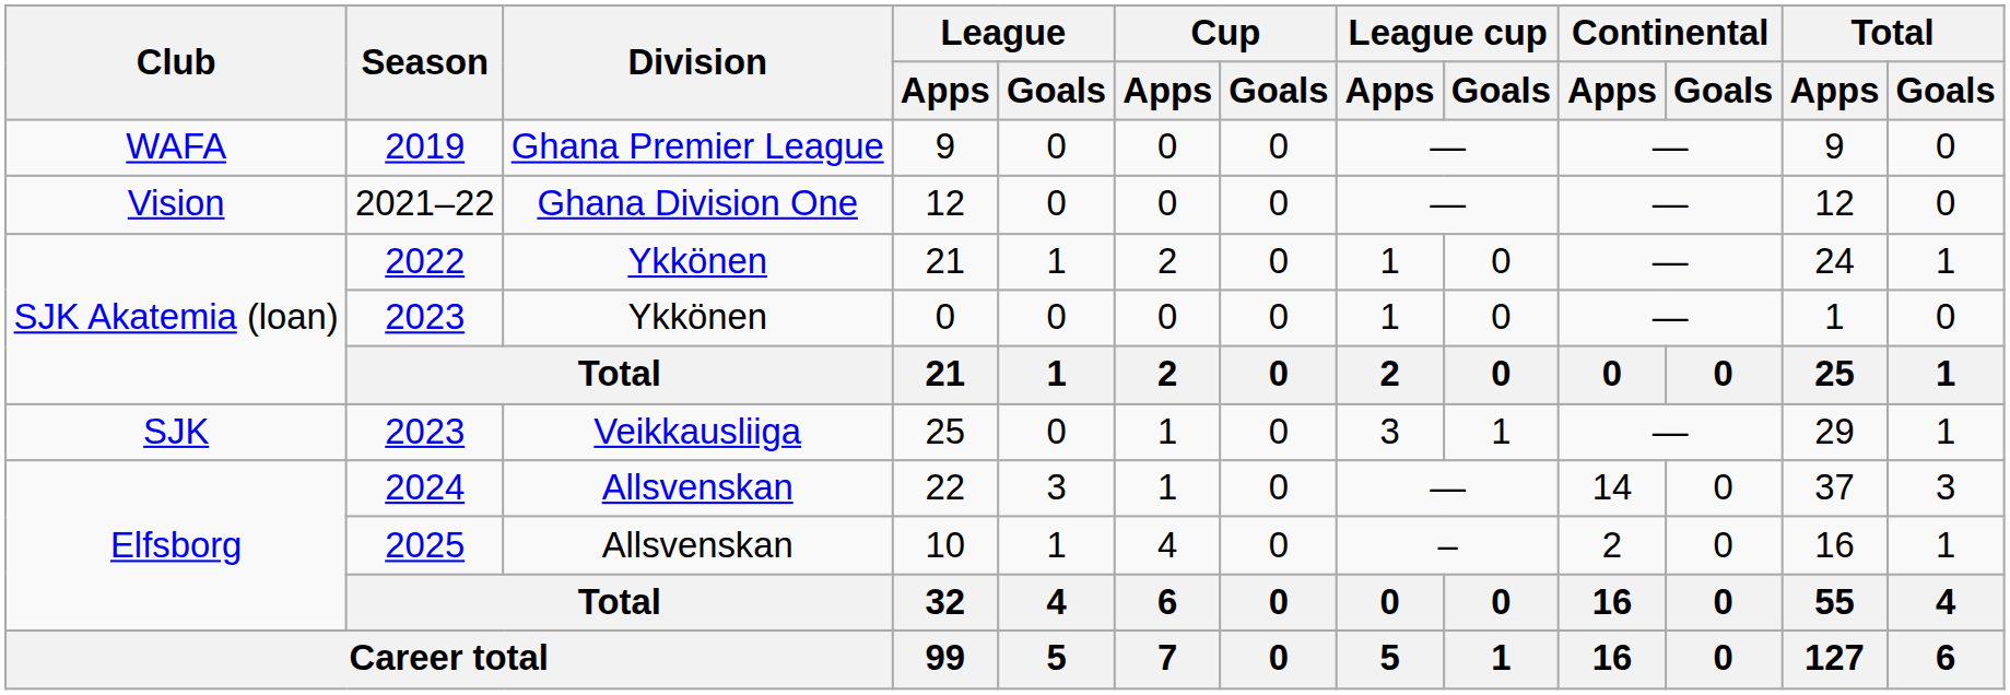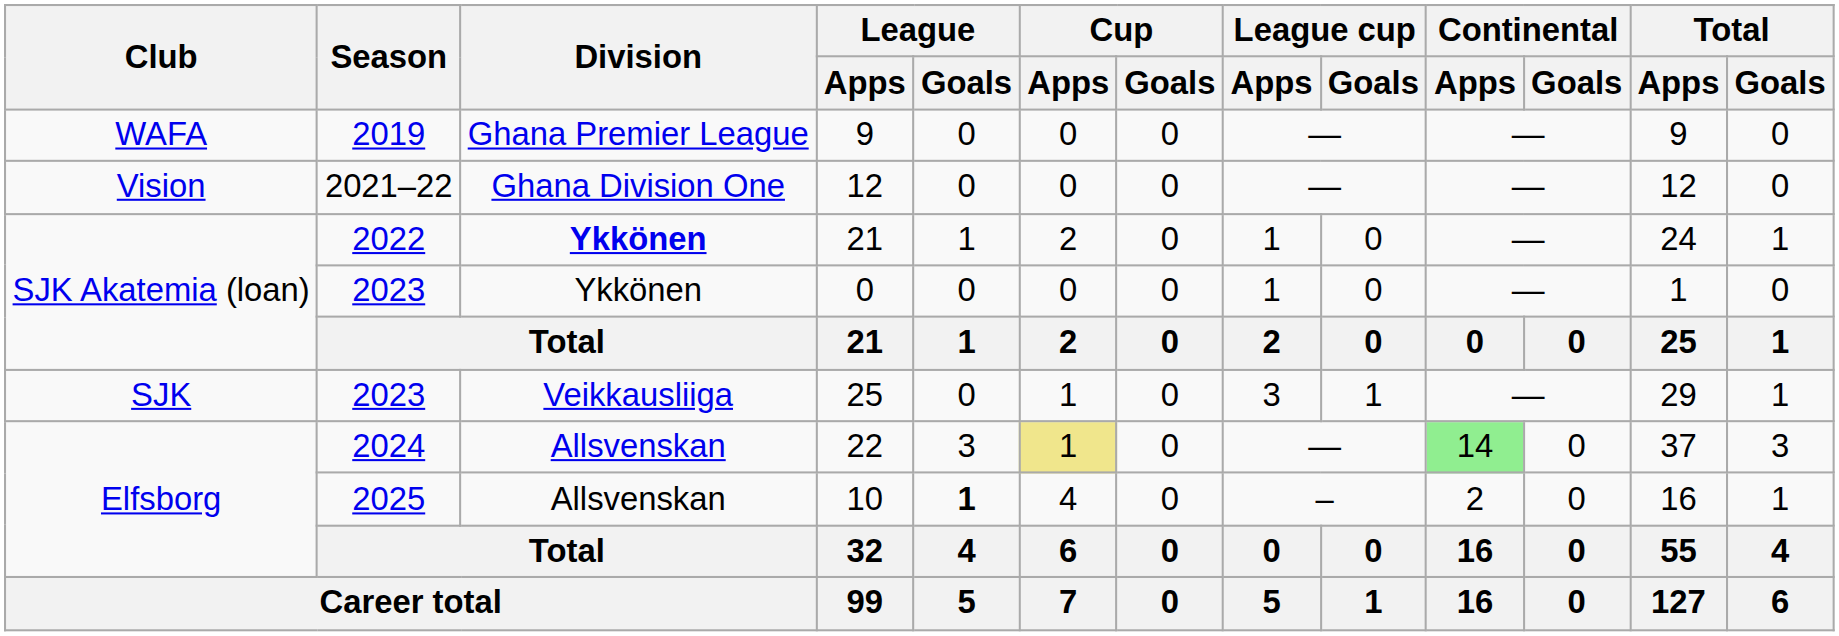 <table class="wikitable" style="text-align:center">
 <tr>
 <th rowspan="2">Club</th>
 <th rowspan="2">Season</th>
 <th rowspan="2">Division</th>
 <th colspan="2">League</th>
 <th colspan="2">Cup</th>
 <th colspan="2">League cup</th>
 <th colspan="2">Continental</th>
 <th colspan="2">Total</th>
 </tr>
 <tr>
 <th>Apps</th>
 <th>Goals</th>
 <th>Apps</th>
 <th>Goals</th>
 <th>Apps</th>
 <th>Goals</th>
 <th>Apps</th>
 <th>Goals</th>
 <th>Apps</th>
 <th>Goals</th>
 </tr>
 <tr>
 <td><a href='#'>WAFA</a></td>
 <td><a href='#'>2019</a></td>
 <td><a href='#'>Ghana Premier League</a></td>
 <td>9</td>
 <td>0</td>
 <td>0</td>
 <td>0</td>
 <td colspan="2">—</td>
 <td colspan="2">—</td>
 <td>9</td>
 <td>0</td>
 </tr>
 <tr>
 <td><a href='#'>Vision</a></td>
 <td>2021–22</td>
 <td><a href='#'>Ghana Division One</a></td>
 <td>12</td>
 <td>0</td>
 <td>0</td>
 <td>0</td>
 <td colspan="2">—</td>
 <td colspan="2">—</td>
 <td>12</td>
 <td>0</td>
 </tr>
 <tr>
 <td rowspan="3"><a href='#'>SJK Akatemia</a> (loan)</td>
 <td><a href='#'>2022</a></td>
-<td><a href='#'>Ykkönen</a></td>
+<td><strong><a href='#'>Ykkönen</a></strong></td>
 <td>21</td>
 <td>1</td>
 <td>2</td>
 <td>0</td>
 <td>1</td>
 <td>0</td>
 <td colspan="2">—</td>
 <td>24</td>
 <td>1</td>
 </tr>
 <tr>
 <td><a href='#'>2023</a></td>
 <td>Ykkönen</td>
 <td>0</td>
 <td>0</td>
 <td>0</td>
 <td>0</td>
 <td>1</td>
 <td>0</td>
 <td colspan="2">—</td>
 <td>1</td>
 <td>0</td>
 </tr>
 <tr>
 <th colspan="2">Total</th>
 <th>21</th>
 <th>1</th>
 <th>2</th>
 <th>0</th>
 <th>2</th>
 <th>0</th>
 <th>0</th>
 <th>0</th>
 <th>25</th>
 <th>1</th>
 </tr>
 <tr>
 <td><a href='#'>SJK</a></td>
 <td><a href='#'>2023</a></td>
 <td><a href='#'>Veikkausliiga</a></td>
 <td>25</td>
 <td>0</td>
 <td>1</td>
 <td>0</td>
 <td>3</td>
 <td>1</td>
 <td colspan="2">—</td>
 <td>29</td>
 <td>1</td>
 </tr>
 <tr>
 <td rowspan=3><a href='#'>Elfsborg</a></td>
 <td><a href='#'>2024</a></td>
 <td><a href='#'>Allsvenskan</a></td>
 <td>22</td>
 <td>3</td>
-<td>1</td>
+<td style="background: khaki;">1</td>
 <td>0</td>
 <td colspan="2">—</td>
-<td>14</td>
+<td style="background: lightgreen;">14</td>
 <td>0</td>
 <td>37</td>
 <td>3</td>
 </tr>
 <tr>
 <td><a href='#'>2025</a></td>
 <td>Allsvenskan</td>
 <td>10</td>
-<td>1</td>
+<td><strong>1</strong></td>
 <td>4</td>
 <td>0</td>
 <td colspan=2>–</td>
 <td>2</td>
 <td>0</td>
 <td>16</td>
 <td>1</td>
 </tr>
 <tr>
 <th colspan=2>Total</th>
 <th>32</th>
 <th>4</th>
 <th>6</th>
 <th>0</th>
 <th>0</th>
 <th>0</th>
 <th>16</th>
 <th>0</th>
 <th>55</th>
 <th>4</th>
 </tr>
 <tr>
 <th colspan="3">Career total</th>
 <th>99</th>
 <th>5</th>
 <th>7</th>
 <th>0</th>
 <th>5</th>
 <th>1</th>
 <th>16</th>
 <th>0</th>
 <th>127</th>
 <th>6</th>
 </tr>
 </table>
